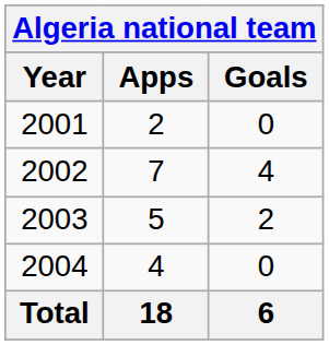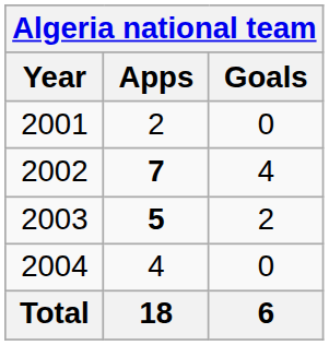 <table class="wikitable" style="text-align:center">
 <tr>
 <th colspan=3><a href='#'>Algeria national team</a></th>
 </tr>
 <tr>
 <th>Year</th>
 <th>Apps</th>
 <th>Goals</th>
 </tr>
 <tr>
 <td>2001</td>
 <td>2</td>
 <td>0</td>
 </tr>
 <tr>
 <td>2002</td>
-<td>7</td>
+<td><strong>7</strong></td>
 <td>4</td>
 </tr>
 <tr>
 <td>2003</td>
-<td>5</td>
+<td><strong>5</strong></td>
 <td>2</td>
 </tr>
 <tr>
 <td>2004</td>
 <td>4</td>
 <td>0</td>
 </tr>
 <tr>
 <th>Total</th>
 <th>18</th>
 <th>6</th>
 </tr>
 </table>
